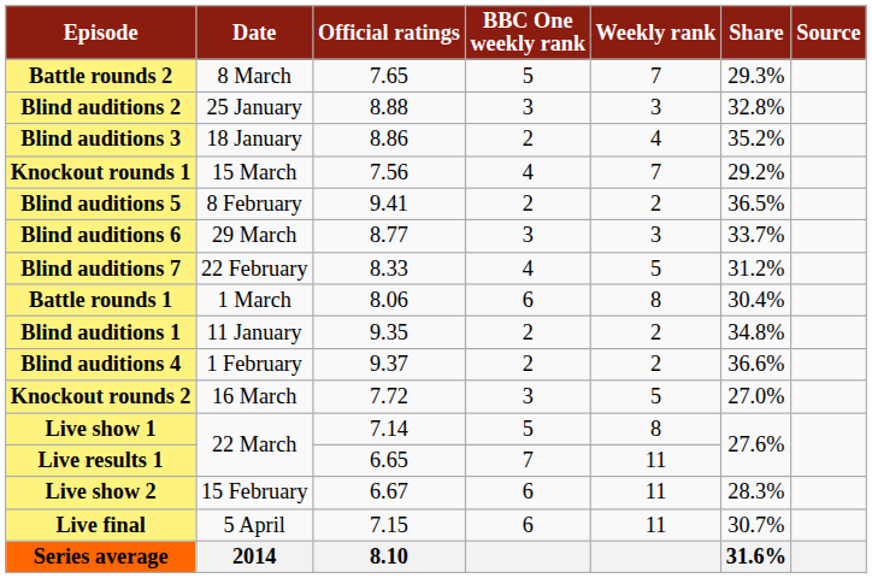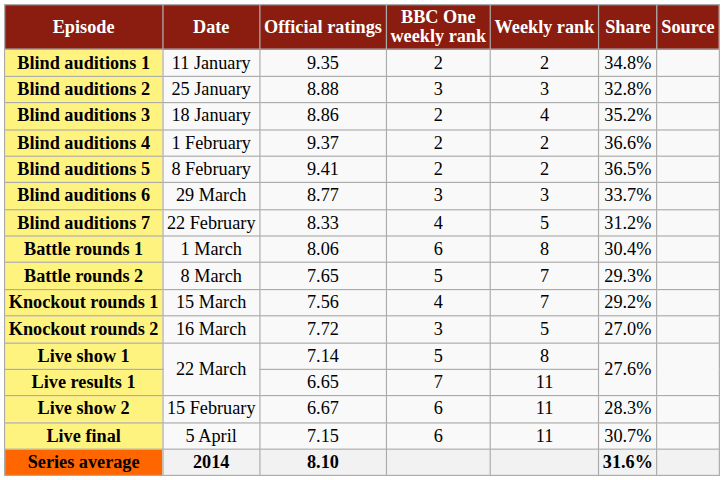 <table class="wikitable" style="text-align:center; background:#f9f9f9; line-height:16px;">
 <tr>
 <th style="background:#8b1c10; color:white;">Episode</th>
 <th style="background:#8b1c10; color:white;">Date</th>
 <th style="background:#8b1c10; color:white;">Official ratings<br><small></small></th>
 <th style="background:#8b1c10; color:white;">BBC One<br>weekly rank</th>
 <th style="background:#8b1c10; color:white;">Weekly rank</th>
 <th style="background:#8b1c10; color:white;">Share</th>
 <th style="background:#8b1c10; color:white;">Source</th>
 </tr>
 <tr>
-<td style="background:#FFF380"><strong>Battle rounds 2</strong></td>
-<td>8 March</td>
-<td>7.65</td>
-<td>5</td>
-<td>7</td>
-<td>29.3%</td>
+<td style="background:#FFF380"><strong>Blind auditions 1</strong></td>
+<td>11 January</td>
+<td>9.35</td>
+<td>2</td>
+<td>2</td>
+<td>34.8%</td>
 <td></td>
 </tr>
 <tr>
 <td style="background:#FFF380"><strong>Blind auditions 2</strong></td>
 <td>25 January</td>
 <td>8.88</td>
 <td>3</td>
 <td>3</td>
 <td>32.8%</td>
 <td></td>
 </tr>
 <tr>
 <td style="background:#FFF380"><strong>Blind auditions 3</strong></td>
 <td>18 January</td>
 <td>8.86</td>
 <td>2</td>
 <td>4</td>
 <td>35.2%</td>
 <td></td>
 </tr>
 <tr>
-<td style="background:#FFF380"><strong>Knockout rounds 1</strong></td>
-<td>15 March</td>
-<td>7.56</td>
-<td>4</td>
-<td>7</td>
-<td>29.2%</td>
+<td style="background:#FFF380"><strong>Blind auditions 4</strong></td>
+<td>1 February</td>
+<td>9.37</td>
+<td>2</td>
+<td>2</td>
+<td>36.6%</td>
 <td></td>
 </tr>
 <tr>
 <td style="background:#FFF380"><strong>Blind auditions 5</strong></td>
 <td>8 February</td>
 <td>9.41</td>
 <td>2</td>
 <td>2</td>
 <td>36.5%</td>
 <td></td>
 </tr>
 <tr>
 <td style="background:#FFF380"><strong>Blind auditions 6</strong></td>
 <td>29 March</td>
 <td>8.77</td>
 <td>3</td>
 <td>3</td>
 <td>33.7%</td>
 <td></td>
 </tr>
 <tr>
 <td style="background:#FFF380"><strong>Blind auditions 7</strong></td>
 <td>22 February</td>
 <td>8.33</td>
 <td>4</td>
 <td>5</td>
 <td>31.2%</td>
 <td></td>
 </tr>
 <tr>
 <td style="background:#FFF380"><strong>Battle rounds 1</strong></td>
 <td>1 March</td>
 <td>8.06</td>
 <td>6</td>
 <td>8</td>
 <td>30.4%</td>
 <td></td>
 </tr>
 <tr>
-<td style="background:#FFF380"><strong>Blind auditions 1</strong></td>
-<td>11 January</td>
-<td>9.35</td>
-<td>2</td>
-<td>2</td>
-<td>34.8%</td>
+<td style="background:#FFF380"><strong>Battle rounds 2</strong></td>
+<td>8 March</td>
+<td>7.65</td>
+<td>5</td>
+<td>7</td>
+<td>29.3%</td>
 <td></td>
 </tr>
 <tr>
-<td style="background:#FFF380"><strong>Blind auditions 4</strong></td>
-<td>1 February</td>
-<td>9.37</td>
-<td>2</td>
-<td>2</td>
-<td>36.6%</td>
+<td style="background:#FFF380"><strong>Knockout rounds 1</strong></td>
+<td>15 March</td>
+<td>7.56</td>
+<td>4</td>
+<td>7</td>
+<td>29.2%</td>
 <td></td>
 </tr>
 <tr>
 <td style="background:#FFF380"><strong>Knockout rounds 2</strong></td>
 <td>16 March</td>
 <td>7.72</td>
 <td>3</td>
 <td>5</td>
 <td>27.0%</td>
 <td></td>
 </tr>
 <tr>
 <td style="background:#FFF380"><strong>Live show 1</strong></td>
 <td rowspan=2>22 March</td>
 <td>7.14</td>
 <td>5</td>
 <td>8</td>
 <td rowspan="2">27.6%</td>
 <td rowspan="2"></td>
 </tr>
 <tr>
 <td style="background:#FFF380"><strong>Live results 1</strong></td>
 <td>6.65</td>
 <td>7</td>
 <td>11</td>
 </tr>
 <tr>
 <td style="background:#FFF380"><strong>Live show 2</strong></td>
 <td>15 February</td>
 <td>6.67</td>
 <td>6</td>
 <td>11</td>
 <td>28.3%</td>
 <td></td>
 </tr>
 <tr>
 <td style="background:#FFF380"><strong>Live final</strong></td>
 <td>5 April</td>
 <td>7.15</td>
 <td>6</td>
 <td>11</td>
 <td>30.7%</td>
 <td></td>
 </tr>
 <tr>
 <th style="background:#f60;">Series average</th>
 <th>2014</th>
 <th>8.10</th>
 <th></th>
 <th></th>
 <th>31.6%</th>
 <th></th>
 </tr>
 </table>
